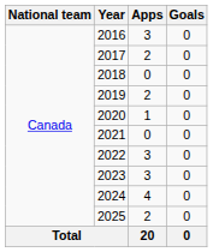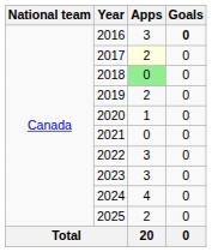 <table class="wikitable" style="text-align:center">
 <tr>
 <th>National team</th>
 <th>Year</th>
 <th>Apps</th>
 <th>Goals</th>
 </tr>
 <tr>
 <td rowspan="10"><a href='#'>Canada</a></td>
 <td>2016</td>
 <td>3</td>
-<td>0</td>
+<td><strong>0</strong></td>
 </tr>
 <tr>
 <td>2017</td>
-<td>2</td>
+<td style="background: lightyellow;">2</td>
 <td>0</td>
 </tr>
 <tr>
 <td>2018</td>
-<td>0</td>
+<td style="background: lightgreen;">0</td>
 <td>0</td>
 </tr>
 <tr>
 <td>2019</td>
 <td>2</td>
 <td>0</td>
 </tr>
 <tr>
 <td>2020</td>
 <td>1</td>
 <td>0</td>
 </tr>
 <tr>
 <td>2021</td>
 <td>0</td>
 <td>0</td>
 </tr>
 <tr>
 <td>2022</td>
 <td>3</td>
 <td>0</td>
 </tr>
 <tr>
 <td>2023</td>
 <td>3</td>
 <td>0</td>
 </tr>
 <tr>
 <td>2024</td>
 <td>4</td>
 <td>0</td>
 </tr>
 <tr>
 <td>2025</td>
 <td>2</td>
 <td>0</td>
 </tr>
 <tr>
 <th colspan="2">Total</th>
 <th>20</th>
 <th>0</th>
 </tr>
 </table>
